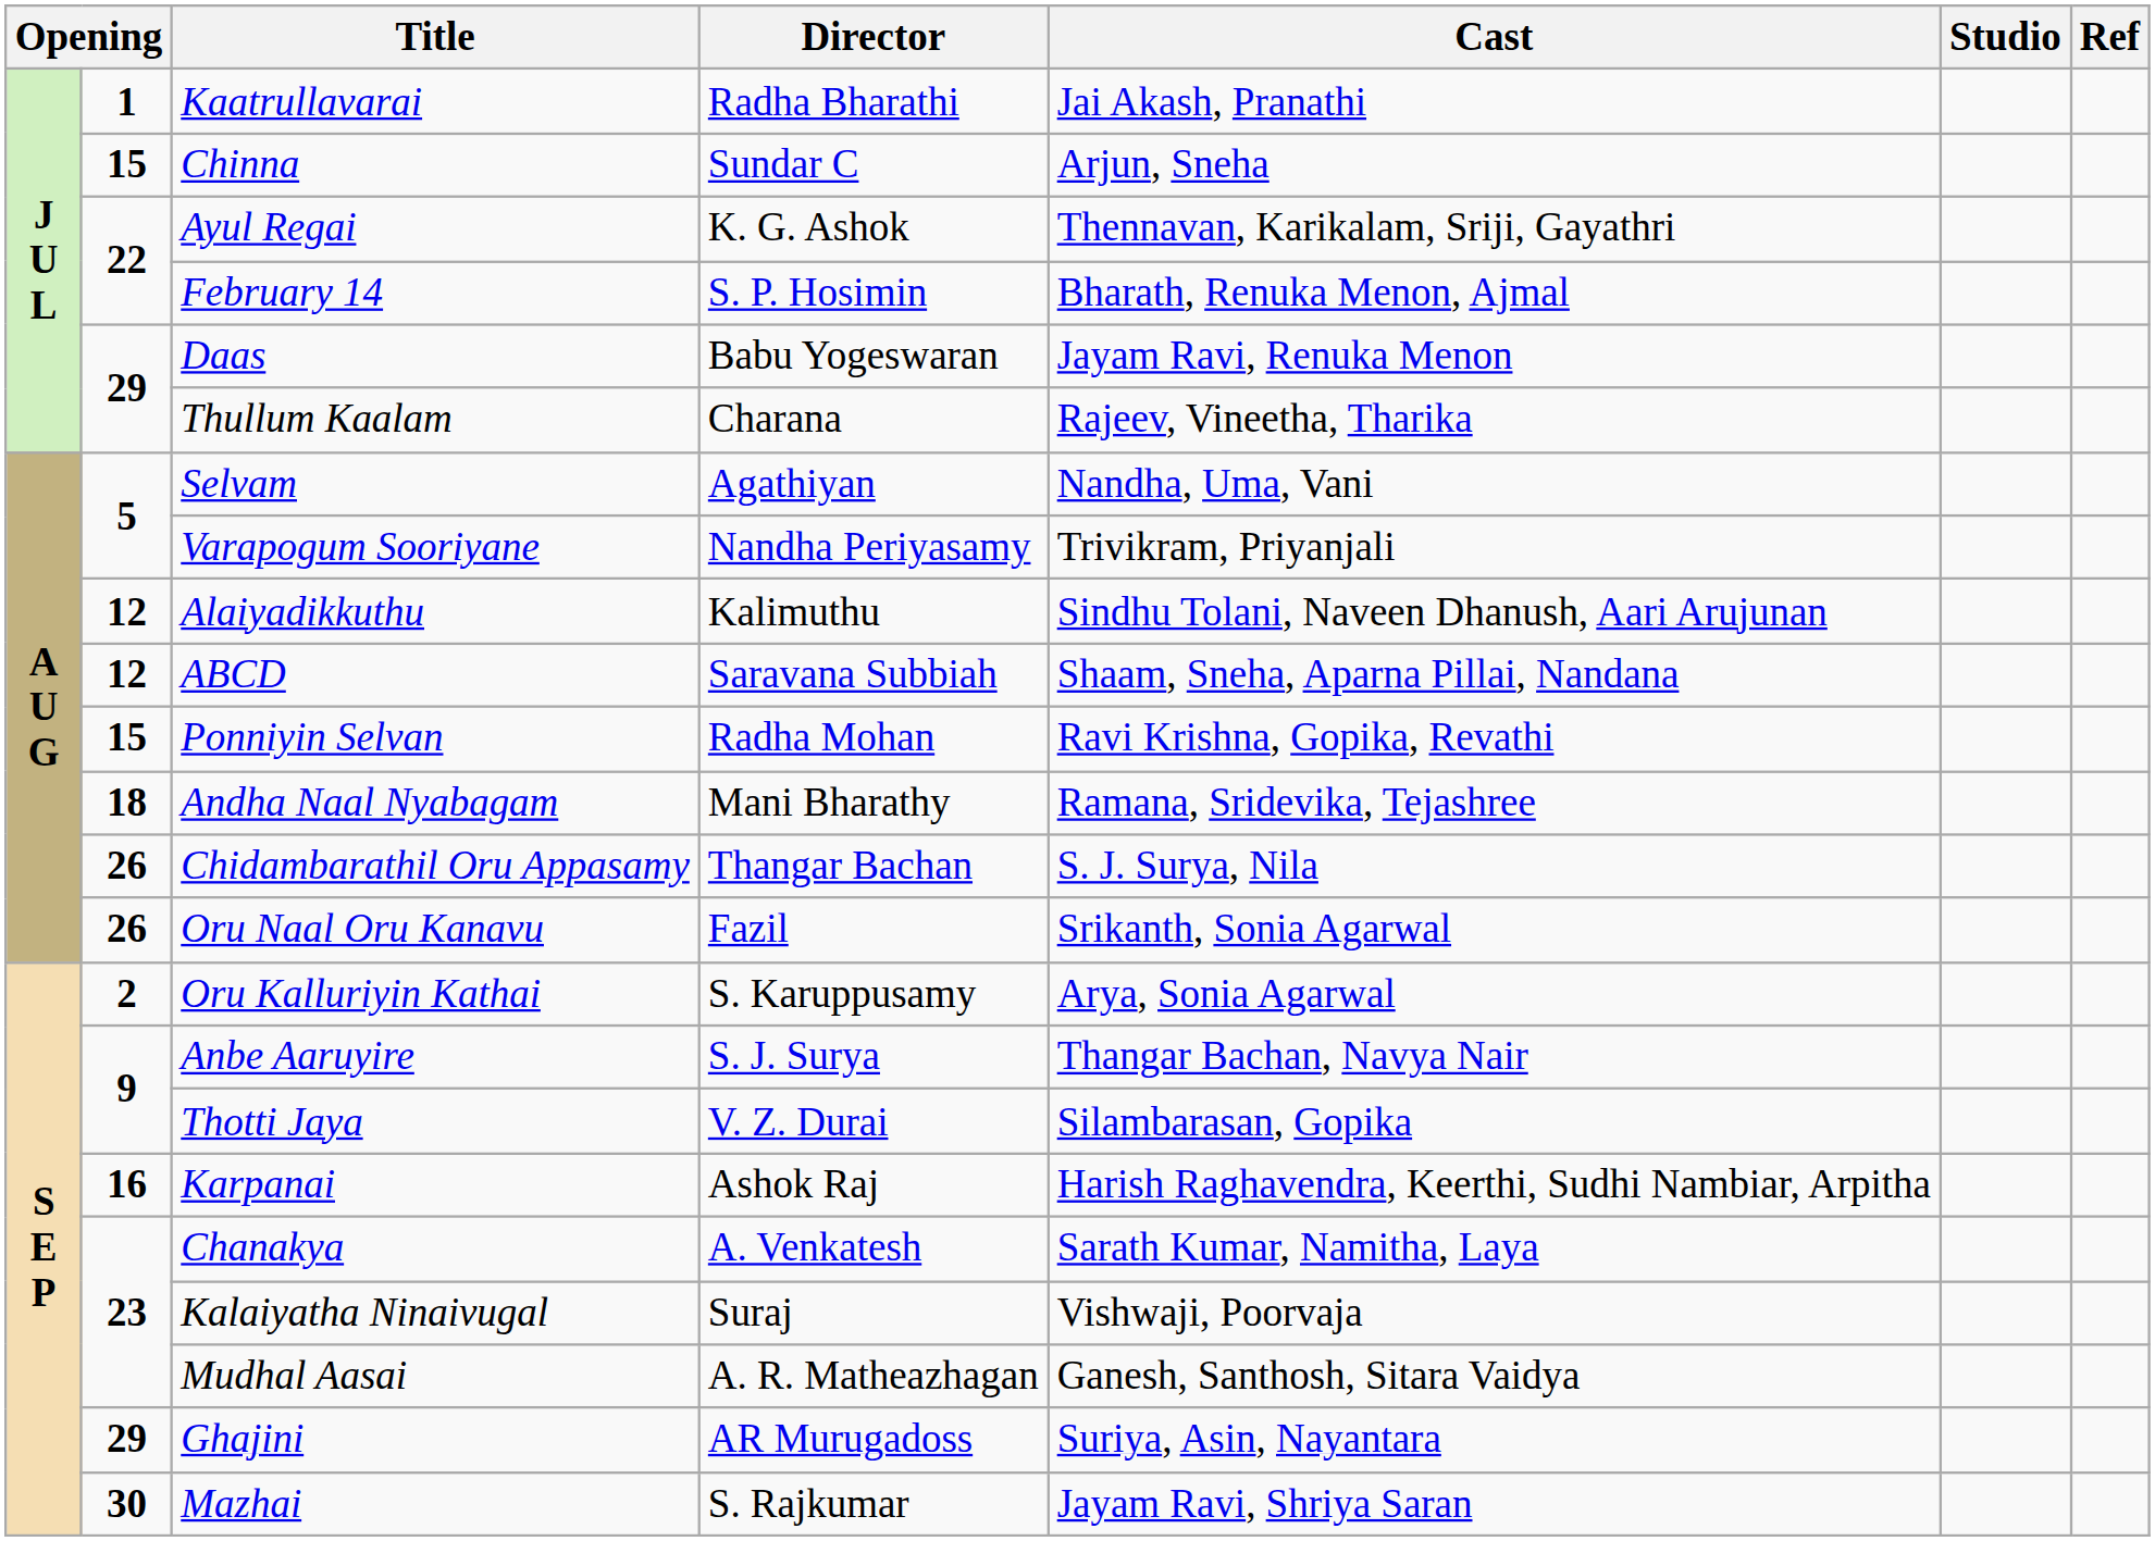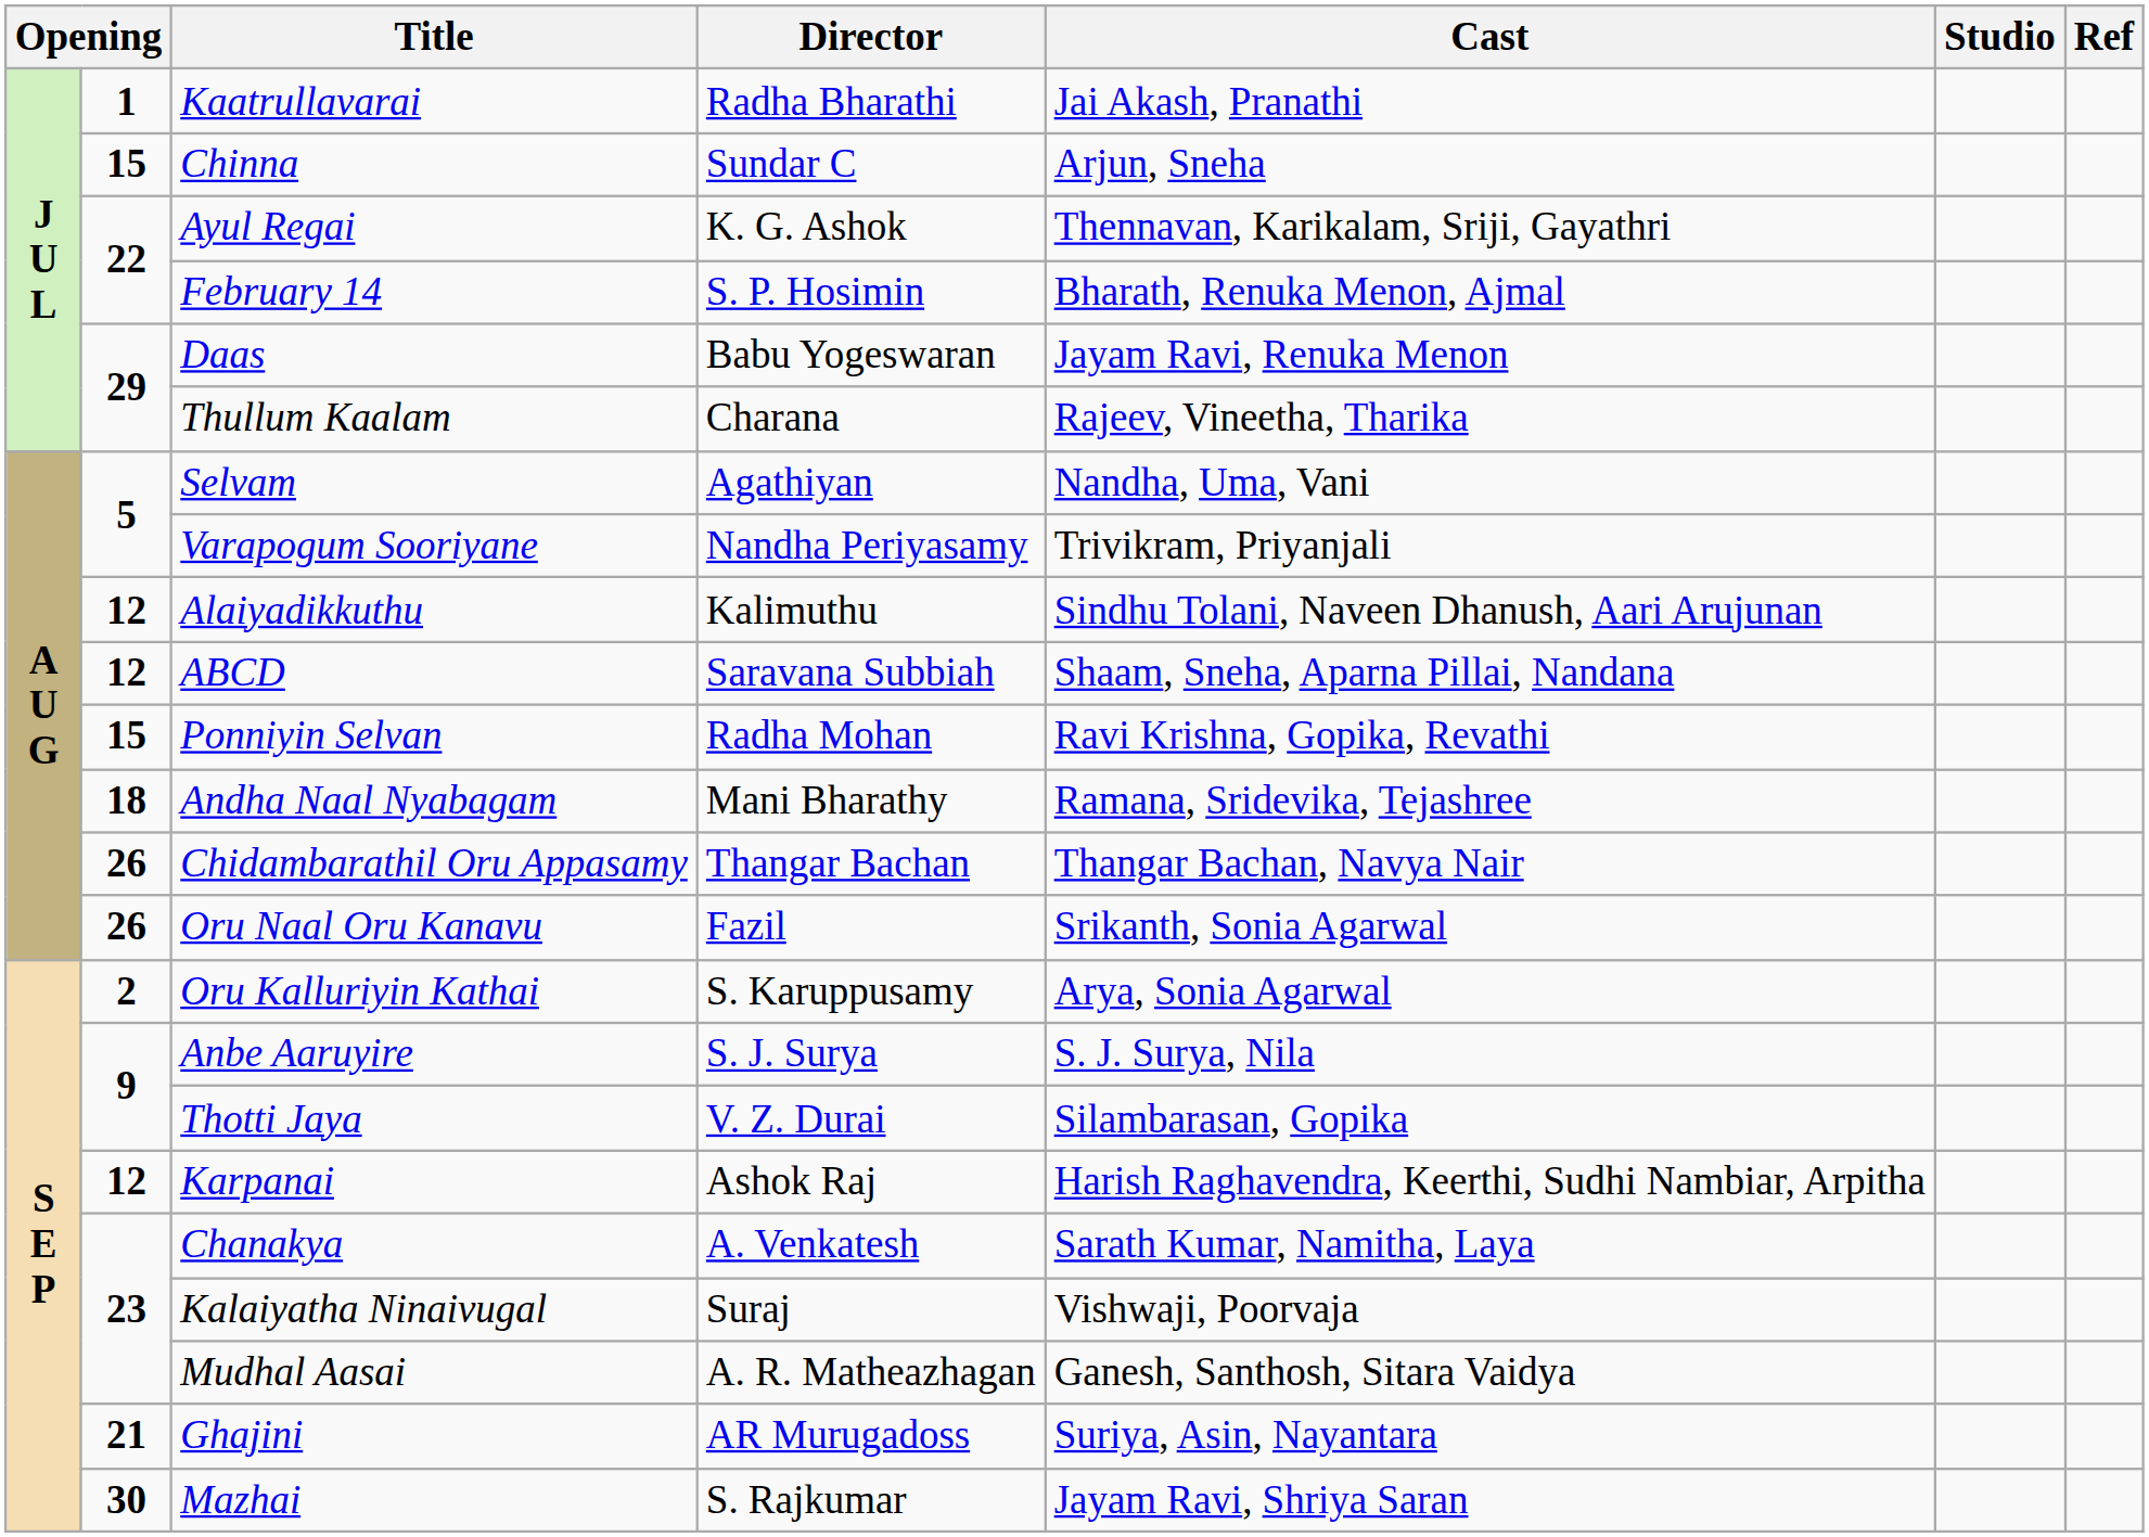 <table class="wikitable">
 <tr>
 <th colspan="2">Opening</th>
 <th>Title</th>
 <th>Director</th>
 <th>Cast</th>
 <th>Studio</th>
 <th>Ref</th>
 </tr>
 <tr July!>
 <td rowspan="6" valign="center" align="center" style="background:	#d0f0c0; textcolor:#000;"><strong>J<br>U<br>L</strong></td>
 <td rowspan="1" align="center"><strong>1</strong></td>
 <td><em><a href='#'>Kaatrullavarai</a></em></td>
 <td><a href='#'>Radha Bharathi</a></td>
 <td><a href='#'>Jai Akash</a>, <a href='#'>Pranathi</a></td>
 <td></td>
 <td></td>
 </tr>
 <tr>
 <td rowspan="1" align="center"><strong>15</strong></td>
 <td><em><a href='#'>Chinna</a></em></td>
 <td><a href='#'>Sundar C</a></td>
 <td><a href='#'>Arjun</a>, <a href='#'>Sneha</a></td>
 <td></td>
 <td></td>
 </tr>
 <tr>
 <td rowspan="2" align="center"><strong>22</strong></td>
 <td><em><a href='#'>Ayul Regai</a></em></td>
 <td>K. G. Ashok</td>
 <td><a href='#'>Thennavan</a>, Karikalam, Sriji, Gayathri</td>
 <td></td>
 <td></td>
 </tr>
 <tr>
 <td><em><a href='#'>February 14</a></em></td>
 <td><a href='#'>S. P. Hosimin</a></td>
 <td><a href='#'>Bharath</a>, <a href='#'>Renuka Menon</a>, <a href='#'>Ajmal</a></td>
 <td></td>
 <td></td>
 </tr>
 <tr>
 <td rowspan="2" align="center"><strong>29</strong></td>
 <td><em><a href='#'>Daas</a></em></td>
 <td>Babu Yogeswaran</td>
 <td><a href='#'>Jayam Ravi</a>, <a href='#'>Renuka Menon</a></td>
 <td></td>
 <td></td>
 </tr>
 <tr>
 <td><em>Thullum Kaalam</em></td>
 <td>Charana</td>
 <td><a href='#'>Rajeev</a>, Vineetha, <a href='#'>Tharika</a></td>
 <td></td>
 <td></td>
 </tr>
 <tr August!>
 <td rowspan="8" valign="center" align="center" style="background:#C2B280;"><strong>A<br>U<br>G</strong></td>
 <td rowspan="2" align="center"><strong>5</strong></td>
 <td><em><a href='#'>Selvam</a></em></td>
 <td><a href='#'>Agathiyan</a></td>
 <td><a href='#'>Nandha</a>, <a href='#'>Uma</a>, Vani</td>
 <td></td>
 <td></td>
 </tr>
 <tr>
 <td><em><a href='#'>Varapogum Sooriyane</a></em></td>
 <td><a href='#'>Nandha Periyasamy</a></td>
 <td>Trivikram, Priyanjali</td>
 <td></td>
 <td></td>
 </tr>
 <tr>
 <td rowspan="1" align="center"><strong>12</strong></td>
 <td><em><a href='#'>Alaiyadikkuthu</a></em></td>
 <td>Kalimuthu</td>
 <td><a href='#'>Sindhu Tolani</a>, Naveen Dhanush, <a href='#'>Aari Arujunan</a></td>
 <td></td>
 <td></td>
 </tr>
 <tr>
 <td rowspan="1" align="center"><strong>12</strong></td>
 <td><em><a href='#'>ABCD</a></em></td>
 <td><a href='#'>Saravana Subbiah</a></td>
 <td><a href='#'>Shaam</a>, <a href='#'>Sneha</a>, <a href='#'>Aparna Pillai</a>, <a href='#'>Nandana</a></td>
 <td></td>
 <td></td>
 </tr>
 <tr>
 <td rowspan="1" align="center"><strong>15</strong></td>
 <td><em><a href='#'>Ponniyin Selvan</a></em></td>
 <td><a href='#'>Radha Mohan</a></td>
 <td><a href='#'>Ravi Krishna</a>, <a href='#'>Gopika</a>, <a href='#'>Revathi</a></td>
 <td></td>
 <td></td>
 </tr>
 <tr>
 <td rowspan="1" align="center"><strong>18</strong></td>
 <td><em><a href='#'>Andha Naal Nyabagam</a></em></td>
 <td>Mani Bharathy</td>
 <td><a href='#'>Ramana</a>, <a href='#'>Sridevika</a>, <a href='#'>Tejashree</a></td>
 <td></td>
 <td></td>
 </tr>
 <tr>
 <td rowspan="1" align="center"><strong>26</strong></td>
 <td><em><a href='#'>Chidambarathil Oru Appasamy</a></em></td>
 <td><a href='#'>Thangar Bachan</a></td>
-<td><a href='#'>S. J. Surya</a>, <a href='#'>Nila</a></td>
+<td><a href='#'>Thangar Bachan</a>, <a href='#'>Navya Nair</a></td>
 <td></td>
 <td></td>
 </tr>
 <tr>
 <td rowspan="1" align="center"><strong>26</strong></td>
 <td><em><a href='#'>Oru Naal Oru Kanavu</a></em></td>
 <td><a href='#'>Fazil</a></td>
 <td><a href='#'>Srikanth</a>, <a href='#'>Sonia Agarwal</a></td>
 <td></td>
 <td></td>
 </tr>
 <tr September!>
 <td rowspan="9" valign="center" align="center" style="background:#F5DEB3; textcolor:#000;"><strong>S<br>E<br>P</strong></td>
 <td rowspan="1" align="center"><strong>2</strong></td>
 <td><em><a href='#'>Oru Kalluriyin Kathai</a></em></td>
 <td>S. Karuppusamy</td>
 <td><a href='#'>Arya</a>, <a href='#'>Sonia Agarwal</a></td>
 <td></td>
 <td></td>
 </tr>
 <tr>
 <td rowspan="2" align="center"><strong>9</strong></td>
 <td><em><a href='#'>Anbe Aaruyire</a></em></td>
 <td><a href='#'>S. J. Surya</a></td>
-<td><a href='#'>Thangar Bachan</a>, <a href='#'>Navya Nair</a></td>
+<td><a href='#'>S. J. Surya</a>, <a href='#'>Nila</a></td>
 <td></td>
 <td></td>
 </tr>
 <tr>
 <td><em><a href='#'>Thotti Jaya</a></em></td>
 <td><a href='#'>V. Z. Durai</a></td>
 <td><a href='#'>Silambarasan</a>, <a href='#'>Gopika</a></td>
 <td></td>
 <td></td>
 </tr>
 <tr>
-<td rowspan="1" align="center"><strong>16</strong></td>
+<td rowspan="1" align="center"><strong>12</strong></td>
 <td><em><a href='#'>Karpanai</a></em></td>
 <td>Ashok Raj</td>
 <td><a href='#'>Harish Raghavendra</a>, Keerthi, Sudhi Nambiar, Arpitha</td>
 <td></td>
 <td></td>
 </tr>
 <tr>
 <td rowspan="3" align="center"><strong>23</strong></td>
 <td><em><a href='#'>Chanakya</a></em></td>
 <td><a href='#'>A. Venkatesh</a></td>
 <td><a href='#'>Sarath Kumar</a>, <a href='#'>Namitha</a>, <a href='#'>Laya</a></td>
 <td></td>
 <td></td>
 </tr>
 <tr>
 <td><em>Kalaiyatha Ninaivugal</em></td>
 <td>Suraj</td>
 <td>Vishwaji, Poorvaja</td>
 <td></td>
 <td></td>
 </tr>
 <tr>
 <td><em>Mudhal Aasai</em></td>
 <td>A. R. Matheazhagan</td>
 <td>Ganesh, Santhosh, Sitara Vaidya</td>
 <td></td>
 <td></td>
 </tr>
 <tr>
-<td rowspan="1" align="center"><strong>29</strong></td>
+<td rowspan="1" align="center"><strong>21</strong></td>
 <td><em><a href='#'>Ghajini</a></em></td>
 <td><a href='#'>AR Murugadoss</a></td>
 <td><a href='#'>Suriya</a>, <a href='#'>Asin</a>, <a href='#'>Nayantara</a></td>
 <td></td>
 <td></td>
 </tr>
 <tr>
 <td rowspan="1" align="center"><strong>30</strong></td>
 <td><em><a href='#'>Mazhai</a></em></td>
 <td>S. Rajkumar</td>
 <td><a href='#'>Jayam Ravi</a>, <a href='#'>Shriya Saran</a></td>
 <td></td>
 <td></td>
 </tr>
 </table>
